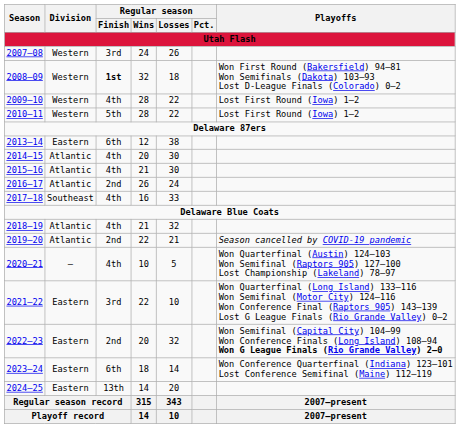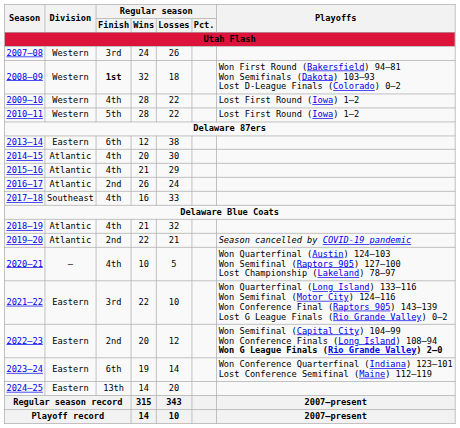 <table class="wikitable" style="font-size:95%; text-align:center">
 <tr>
 <th rowspan=2>Season</th>
 <th rowspan=2>Division</th>
 <th colspan=4>Regular season</th>
 <th rowspan=2>Playoffs</th>
 </tr>
 <tr>
 <th>Finish</th>
 <th>Wins</th>
 <th>Losses</th>
 <th>Pct.</th>
 </tr>
 <tr>
 <td colspan="10"  style="background:crimson;"><span><strong>Utah Flash</strong></span></td>
 </tr>
 <tr>
 <td><a href='#'>2007–08</a></td>
 <td>Western</td>
 <td>3rd</td>
 <td>24</td>
 <td>26</td>
 <td></td>
 <td></td>
 </tr>
 <tr>
 <td><a href='#'>2008–09</a></td>
 <td>Western</td>
 <td><strong>1st</strong></td>
 <td>32</td>
 <td>18</td>
 <td></td>
 <td align=left>Won First Round (<a href='#'>Bakersfield</a>) 94–81<br>Won Semifinals (<a href='#'>Dakota</a>) 103–93<br>Lost D-League Finals (<a href='#'>Colorado</a>) 0–2</td>
 </tr>
 <tr>
 <td><a href='#'>2009–10</a></td>
 <td>Western</td>
 <td>4th</td>
 <td>28</td>
 <td>22</td>
 <td></td>
 <td align=left>Lost First Round (<a href='#'>Iowa</a>) 1–2</td>
 </tr>
 <tr>
 <td><a href='#'>2010–11</a></td>
 <td>Western</td>
 <td>5th</td>
 <td>28</td>
 <td>22</td>
 <td></td>
 <td align=left>Lost First Round (<a href='#'>Iowa</a>) 1–2</td>
 </tr>
 <tr>
 <td colspan="10"><strong>Delaware 87ers</strong></td>
 </tr>
 <tr>
 <td><a href='#'>2013–14</a></td>
 <td>Eastern</td>
 <td>6th</td>
 <td>12</td>
 <td>38</td>
 <td></td>
 <td></td>
 </tr>
 <tr>
 <td><a href='#'>2014–15</a></td>
 <td>Atlantic</td>
 <td>4th</td>
 <td>20</td>
 <td>30</td>
 <td></td>
 <td></td>
 </tr>
 <tr>
 <td><a href='#'>2015–16</a></td>
 <td>Atlantic</td>
 <td>4th</td>
 <td>21</td>
-<td>30</td>
+<td>29</td>
 <td></td>
 <td></td>
 </tr>
 <tr>
 <td><a href='#'>2016–17</a></td>
 <td>Atlantic</td>
 <td>2nd</td>
 <td>26</td>
 <td>24</td>
 <td></td>
 <td></td>
 </tr>
 <tr>
 <td><a href='#'>2017–18</a></td>
 <td>Southeast</td>
 <td>4th</td>
 <td>16</td>
 <td>33</td>
 <td></td>
 <td align=left></td>
 </tr>
 <tr>
 <td colspan="10"><strong>Delaware Blue Coats</strong></td>
 </tr>
 <tr>
 <td><a href='#'>2018–19</a></td>
 <td>Atlantic</td>
 <td>4th</td>
 <td>21</td>
 <td>32</td>
 <td></td>
 <td align=left></td>
 </tr>
 <tr>
 <td><a href='#'>2019–20</a></td>
 <td>Atlantic</td>
 <td>2nd</td>
 <td>22</td>
 <td>21</td>
 <td></td>
 <td align=left><em>Season cancelled by <a href='#'>COVID-19 pandemic</a></em></td>
 </tr>
 <tr>
 <td><a href='#'>2020–21</a></td>
 <td>—</td>
 <td>4th</td>
 <td>10</td>
 <td>5</td>
 <td></td>
 <td align=left>Won Quarterfinal (<a href='#'>Austin</a>) 124–103<br>Won Semifinal (<a href='#'>Raptors 905</a>) 127–100<br>Lost Championship (<a href='#'>Lakeland</a>) 78–97</td>
 </tr>
 <tr>
 <td><a href='#'>2021–22</a></td>
 <td>Eastern</td>
 <td>3rd</td>
 <td>22</td>
 <td>10</td>
 <td></td>
 <td align=left>Won Quarterfinal (<a href='#'>Long Island</a>) 133–116<br>Won Semifinal (<a href='#'>Motor City</a>) 124–116<br>Won Conference Final (<a href='#'>Raptors 905</a>) 143–139<br>Lost G League Finals (<a href='#'>Rio Grande Valley</a>) 0–2</td>
 </tr>
 <tr>
 <td><a href='#'>2022–23</a></td>
 <td>Eastern</td>
 <td>2nd</td>
 <td>20</td>
-<td>32</td>
+<td>12</td>
 <td></td>
 <td align=left>Won Semifinal (<a href='#'>Capital City</a>) 104–99<br>Won Conference Finals (<a href='#'>Long Island</a>) 108–94<br><strong>Won G League Finals (<a href='#'>Rio Grande Valley</a>) 2–0</strong></td>
 </tr>
 <tr>
 <td><a href='#'>2023–24</a></td>
 <td>Eastern</td>
 <td>6th</td>
-<td>18</td>
+<td>19</td>
 <td>14</td>
 <td></td>
 <td align=left>Won Conference Quarterfinal (<a href='#'>Indiana</a>) 123–101<br>Lost Conference Semifinal (<a href='#'>Maine</a>) 112–119</td>
 </tr>
 <tr>
 <td><a href='#'>2024–25</a></td>
 <td>Eastern</td>
 <td>13th</td>
 <td>14</td>
 <td>20</td>
 <td></td>
 <td align=left></td>
 </tr>
 <tr>
 <th colspan=3>Regular season record</th>
 <th>315</th>
 <th>343</th>
 <th></th>
 <th>2007–present</th>
 </tr>
 <tr>
 <th colspan=3>Playoff record</th>
 <th>14</th>
 <th>10</th>
 <th></th>
 <th>2007–present</th>
 </tr>
 </table>
